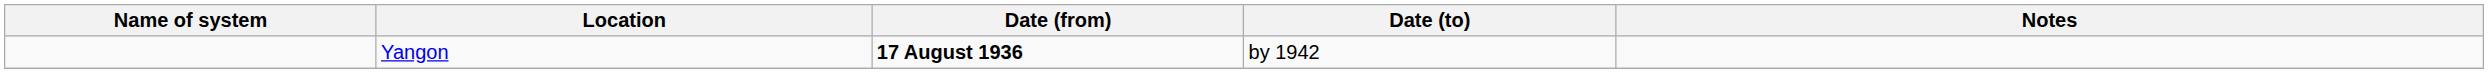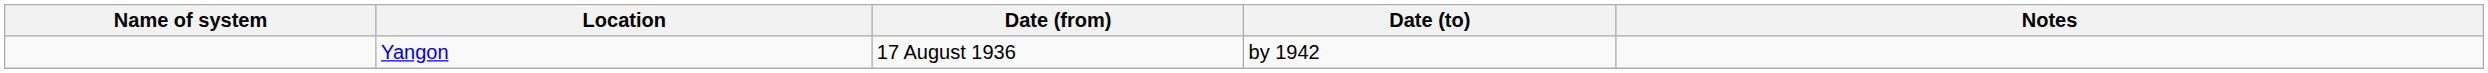 <table class="wikitable" width=100%>
 <tr>
 <th width=15%>Name of system</th>
 <th width=20%>Location</th>
 <th width=15%>Date (from)</th>
 <th width=15%>Date (to)</th>
 <th width=35%>Notes</th>
 </tr>
 <tr>
 <td> </td>
 <td><a href='#'>Yangon</a></td>
-<td><strong>17 August 1936</strong></td>
+<td>17 August 1936</td>
 <td>by 1942</td>
 <td> </td>
 </tr>
 <tr>
 </tr>
 </table>
